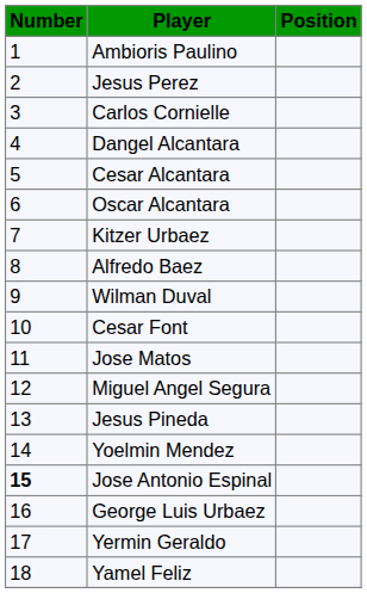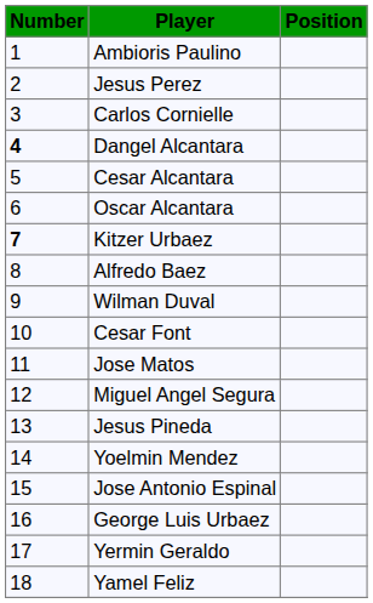 <table bgcolor="#f7f8ff" cellpadding="3" cellspacing="0" border="1" style="font-size: 95%; border: gray solid 1px; border-collapse: collapse;">
 <tr bgcolor="#009900">
 <td align=center><strong>Number</strong></td>
 <td align=center><strong>Player</strong></td>
 <td align=center><strong>Position</strong></td>
 </tr>
 <tr align=left>
 <td>1</td>
 <td> Ambioris Paulino</td>
 <td></td>
 </tr>
 <tr align=left>
 <td>2</td>
 <td> Jesus Perez</td>
 <td></td>
 </tr>
 <tr align="left">
 <td>3</td>
 <td> Carlos Cornielle</td>
 <td></td>
 </tr>
 <tr align="left">
-<td>4</td>
+<td><strong>4</strong></td>
 <td> Dangel Alcantara</td>
 <td></td>
 </tr>
 <tr align="left">
 <td>5</td>
 <td> Cesar Alcantara</td>
 <td></td>
 </tr>
 <tr align="left">
 <td>6</td>
 <td> Oscar Alcantara</td>
 <td></td>
 </tr>
 <tr align="left">
-<td>7</td>
+<td><strong>7</strong></td>
 <td> Kitzer Urbaez</td>
 <td></td>
 </tr>
 <tr align="left">
 <td>8</td>
 <td> Alfredo Baez</td>
 <td></td>
 </tr>
 <tr align="left">
 <td>9</td>
 <td> Wilman Duval</td>
 <td></td>
 </tr>
 <tr align="left">
 <td>10</td>
 <td> Cesar Font</td>
 <td></td>
 </tr>
 <tr align="left">
 <td>11</td>
 <td> Jose Matos</td>
 <td></td>
 </tr>
 <tr align="left">
 <td>12</td>
 <td> Miguel Angel Segura</td>
 <td></td>
 </tr>
 <tr align="left">
 <td>13</td>
 <td> Jesus Pineda</td>
 <td></td>
 </tr>
 <tr align="left">
 <td>14</td>
 <td> Yoelmin Mendez</td>
 <td></td>
 </tr>
 <tr align="left">
-<td><strong>15</strong></td>
+<td>15</td>
 <td> Jose Antonio Espinal</td>
 <td></td>
 </tr>
 <tr align="left">
 <td>16</td>
 <td> George Luis Urbaez</td>
 <td></td>
 </tr>
 <tr align="left">
 <td>17</td>
 <td> Yermin Geraldo</td>
 <td></td>
 </tr>
 <tr align="left">
 <td>18</td>
 <td> Yamel Feliz</td>
 <td></td>
 </tr>
 <tr align="left">
 </tr>
 </table>
